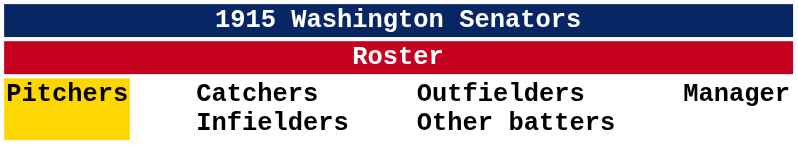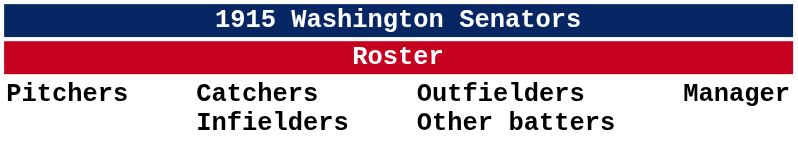 <table class="toccolours" style="font-size: 95%;">
 <tr>
 <th colspan="10" style="background-color: #072764; color: white; text-align: center;">1915 Washington Senators</th>
 </tr>
 <tr>
 <td colspan="10" style="background-color: #c6011f; color: white; text-align: center;"><strong>Roster</strong></td>
 </tr>
 <tr>
-<td valign="top" style="background: gold;"><strong>Pitchers</strong><br>           </td>
+<td valign="top"><strong>Pitchers</strong><br>           </td>
 <td width="25px"></td>
 <td valign="top"><strong>Catchers</strong><br>   <strong>Infielders</strong>        </td>
 <td width="25px"></td>
 <td valign="top"><strong>Outfielders</strong><br>          <strong>Other batters</strong> </td>
 <td width="25px"></td>
 <td valign="top"><strong>Manager</strong><br></td>
 </tr>
 </table>
